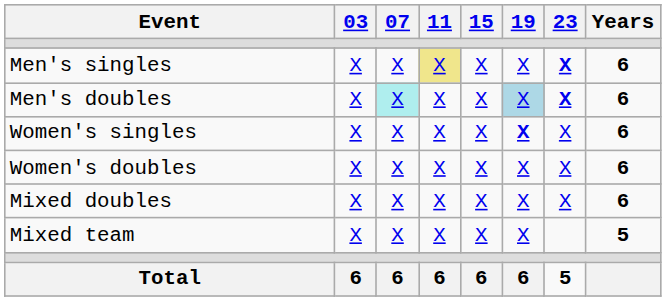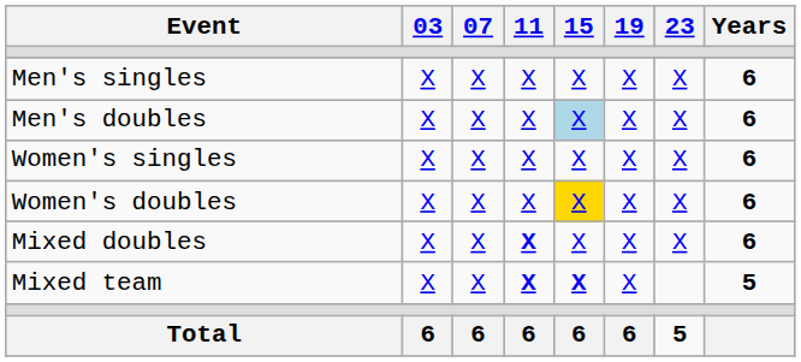 <table class="wikitable" style="text-align:center">
 <tr>
 <th width="200">Event</th>
 <th width="20"><a href='#'>03</a></th>
 <th width="20"><a href='#'>07</a></th>
 <th width="20"><a href='#'>11</a></th>
 <th width="20"><a href='#'>15</a></th>
 <th width="20"><a href='#'>19</a></th>
 <th width="20"><a href='#'>23</a></th>
 <th width="40">Years</th>
 </tr>
 <tr bgcolor="#DDDDDD">
 <td colspan="8"></td>
 </tr>
 <tr>
 <td align="left">Men's singles</td>
 <td><a href='#'>X</a></td>
 <td><a href='#'>X</a></td>
-<td style="background: khaki;"><a href='#'>X</a></td>
 <td><a href='#'>X</a></td>
 <td><a href='#'>X</a></td>
-<td><strong><a href='#'>X</a></strong></td>
+<td><a href='#'>X</a></td>
+<td><a href='#'>X</a></td>
 <td><strong>6</strong></td>
 </tr>
 <tr>
 <td align="left">Men's doubles</td>
 <td><a href='#'>X</a></td>
-<td style="background: paleturquoise;"><a href='#'>X</a></td>
 <td><a href='#'>X</a></td>
 <td><a href='#'>X</a></td>
 <td style="background: lightblue;"><a href='#'>X</a></td>
-<td><strong><a href='#'>X</a></strong></td>
+<td><a href='#'>X</a></td>
+<td><a href='#'>X</a></td>
 <td><strong>6</strong></td>
 </tr>
 <tr>
 <td align="left">Women's singles</td>
-<td><a href='#'>X</a></td>
-<td><a href='#'>X</a></td>
-<td><a href='#'>X</a></td>
-<td><a href='#'>X</a></td>
-<td><strong><a href='#'>X</a></strong></td>
-<td><a href='#'>X</a></td>
-<td><strong>6</strong></td>
-</tr>
-<tr>
-<td align="left">Women's doubles</td>
 <td><a href='#'>X</a></td>
 <td><a href='#'>X</a></td>
 <td><a href='#'>X</a></td>
 <td><a href='#'>X</a></td>
 <td><a href='#'>X</a></td>
 <td><a href='#'>X</a></td>
 <td><strong>6</strong></td>
 </tr>
 <tr>
+<td align="left">Women's doubles</td>
+<td><a href='#'>X</a></td>
+<td><a href='#'>X</a></td>
+<td><a href='#'>X</a></td>
+<td style="background: gold;"><a href='#'>X</a></td>
+<td><a href='#'>X</a></td>
+<td><a href='#'>X</a></td>
+<td><strong>6</strong></td>
+</tr>
+<tr>
 <td align="left">Mixed doubles</td>
 <td><a href='#'>X</a></td>
 <td><a href='#'>X</a></td>
-<td><a href='#'>X</a></td>
+<td><strong><a href='#'>X</a></strong></td>
 <td><a href='#'>X</a></td>
 <td><a href='#'>X</a></td>
 <td><a href='#'>X</a></td>
 <td><strong>6</strong></td>
 </tr>
 <tr>
 <td align="left">Mixed team</td>
 <td><a href='#'>X</a></td>
 <td><a href='#'>X</a></td>
-<td><a href='#'>X</a></td>
-<td><a href='#'>X</a></td>
+<td><strong><a href='#'>X</a></strong></td>
+<td><strong><a href='#'>X</a></strong></td>
 <td><a href='#'>X</a></td>
 <td></td>
 <td><strong>5</strong></td>
 </tr>
 <tr bgcolor="#DDDDDD">
 <td colspan="8"></td>
 </tr>
 <tr>
 <th>Total</th>
 <th>6</th>
 <th>6</th>
 <th>6</th>
 <th>6</th>
 <th>6</th>
 <td><strong>5</strong></td>
 <th></th>
 </tr>
 </table>
